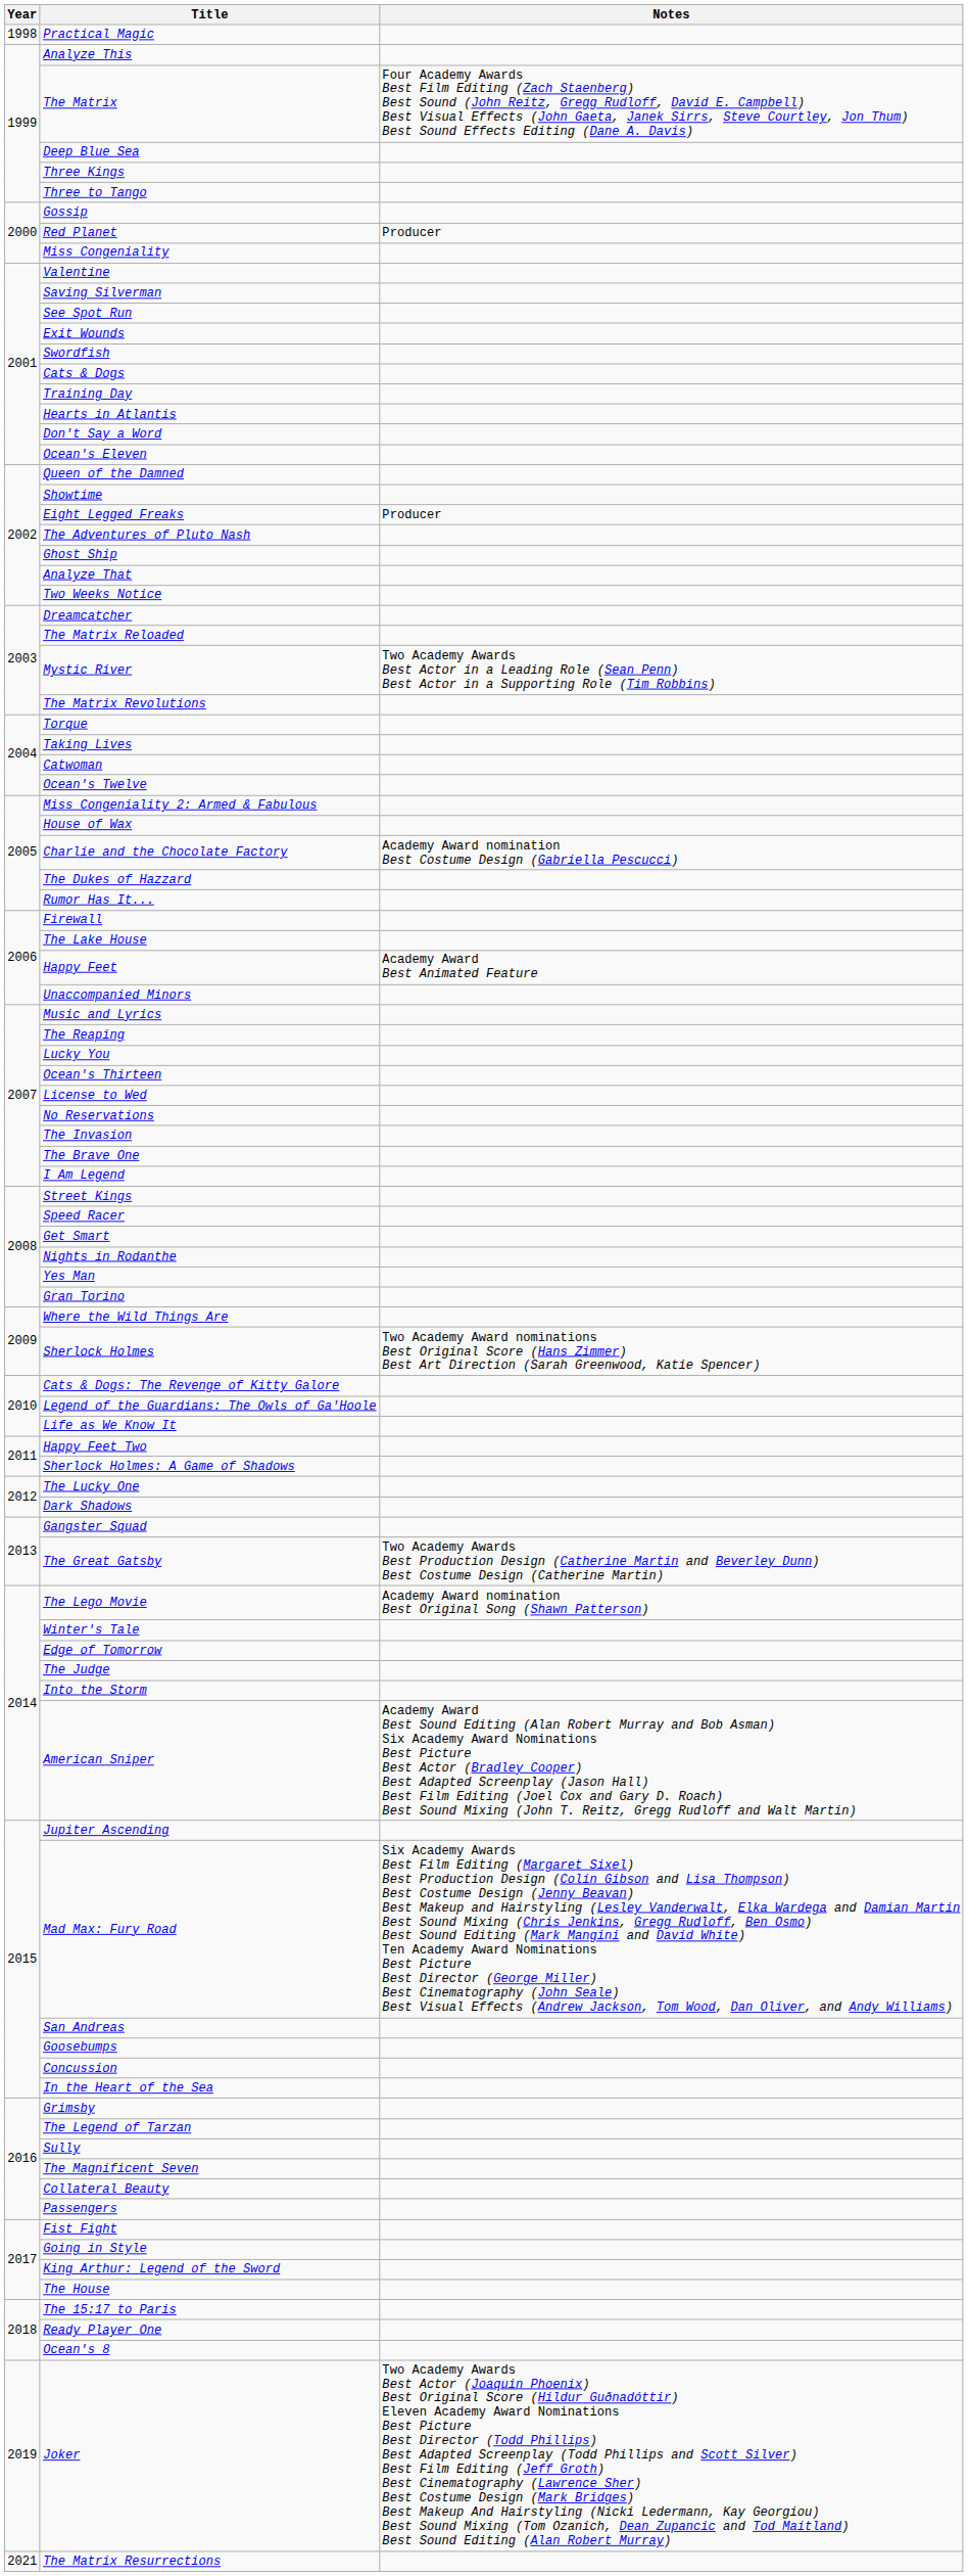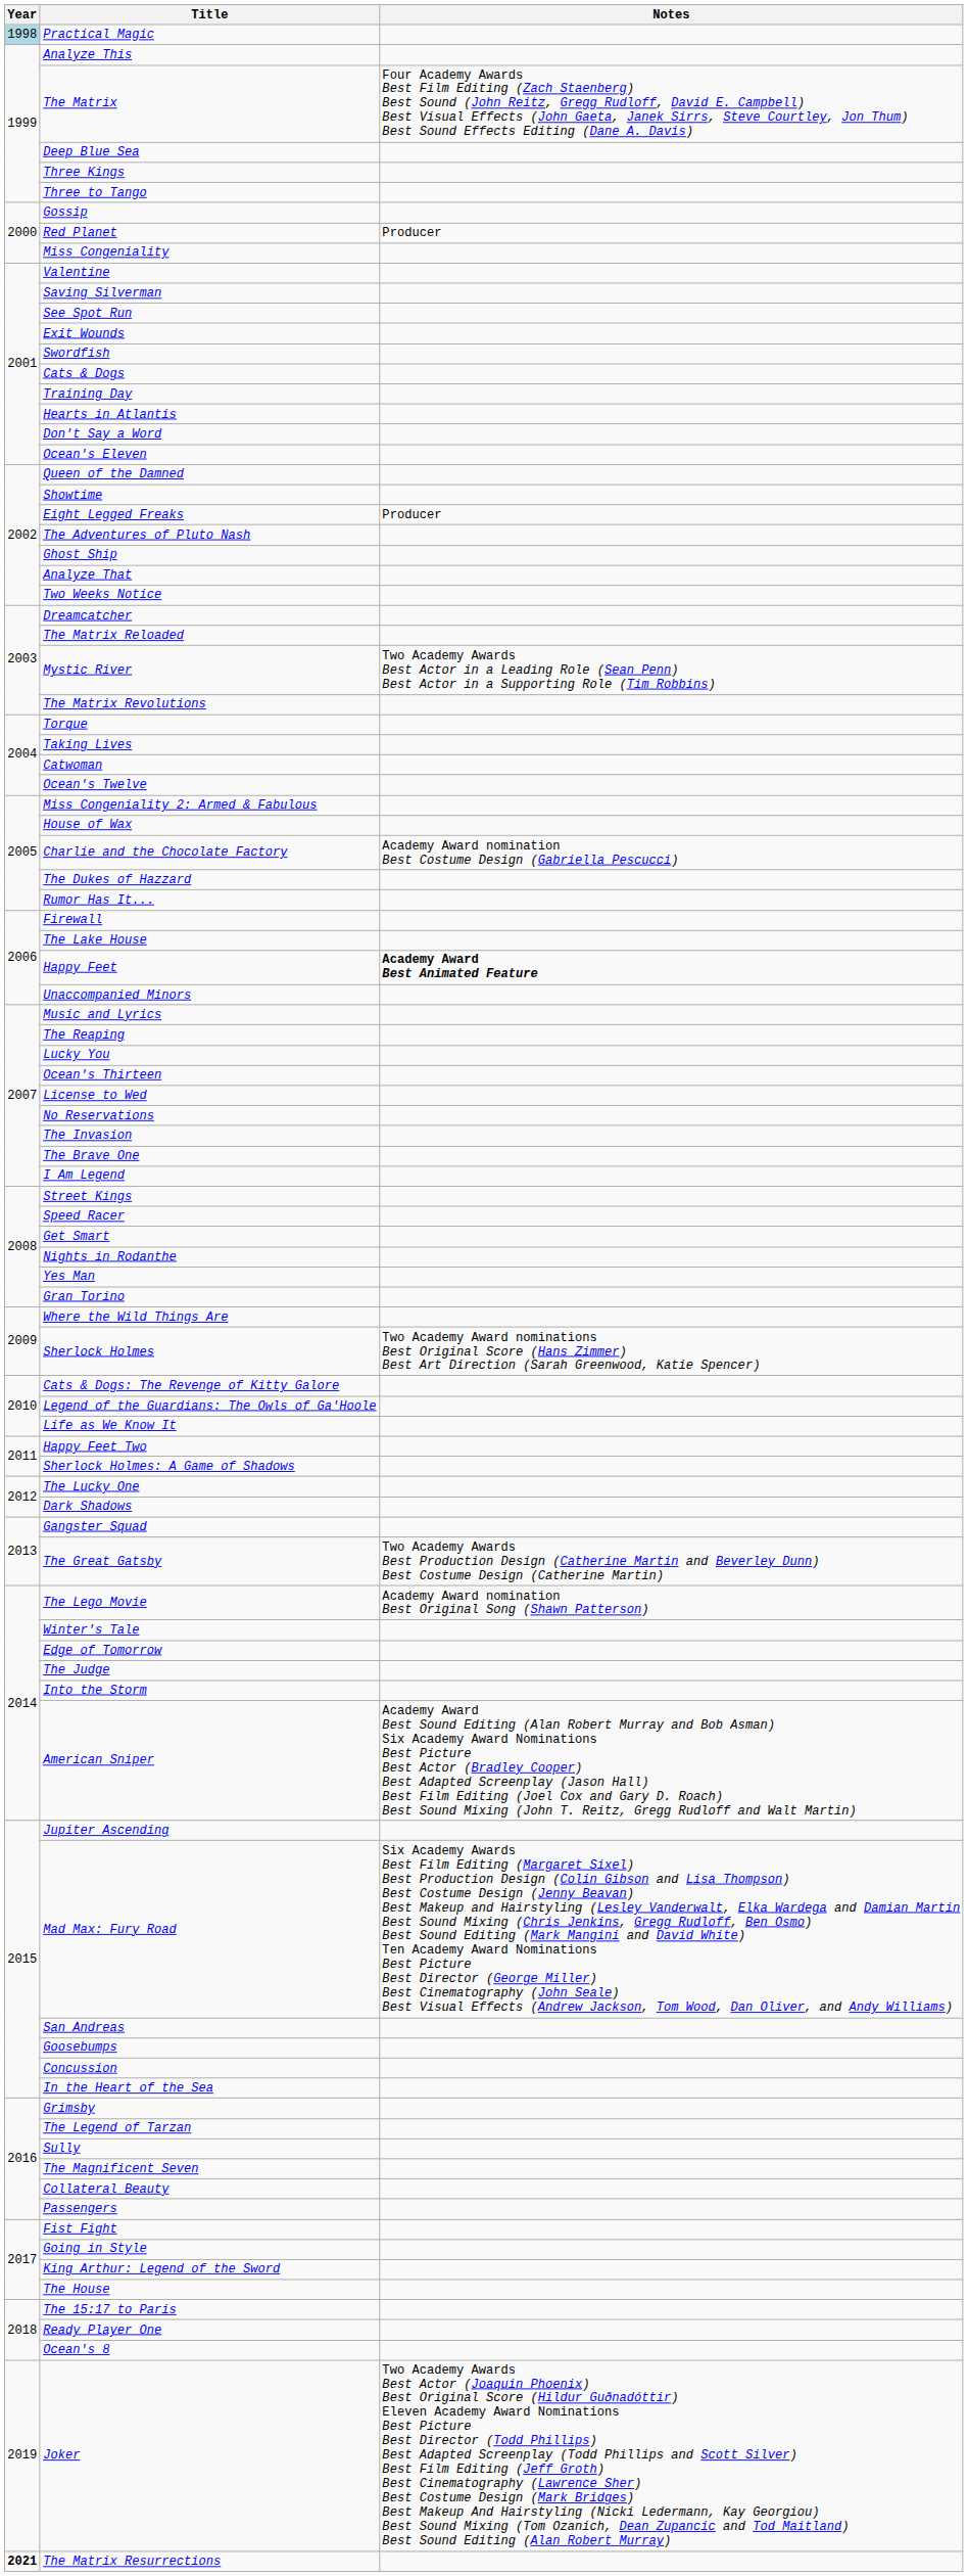 <table class="wikitable sortable">
 <tr>
 <th>Year</th>
 <th>Title</th>
 <th>Notes</th>
 </tr>
 <tr>
-<td>1998</td>
+<td style="background: lightblue;">1998</td>
 <td><em><a href='#'>Practical Magic</a></em></td>
 <td></td>
 </tr>
 <tr>
 <td rowspan="5">1999</td>
 <td><em><a href='#'>Analyze This</a></em></td>
 <td></td>
 </tr>
 <tr>
 <td><em><a href='#'>The Matrix</a></em></td>
 <td>Four Academy Awards<br><em>Best Film Editing (<a href='#'>Zach Staenberg</a>)<br>Best Sound (<a href='#'>John Reitz</a>, <a href='#'>Gregg Rudloff</a>, <a href='#'>David E. Campbell</a>)<br>Best Visual Effects (<a href='#'>John Gaeta</a>, <a href='#'>Janek Sirrs</a>, <a href='#'>Steve Courtley</a>, <a href='#'>Jon Thum</a>)<br> Best Sound Effects Editing  (<a href='#'>Dane A. Davis</a>)</em></td>
 </tr>
 <tr>
 <td><em><a href='#'>Deep Blue Sea</a></em></td>
 <td></td>
 </tr>
 <tr>
 <td><em><a href='#'>Three Kings</a></em></td>
 <td></td>
 </tr>
 <tr>
 <td><em><a href='#'>Three to Tango</a></em></td>
 <td></td>
 </tr>
 <tr>
 <td rowspan="3">2000</td>
 <td><em><a href='#'>Gossip</a></em></td>
 <td></td>
 </tr>
 <tr>
 <td><em><a href='#'>Red Planet</a></em></td>
 <td>Producer</td>
 </tr>
 <tr>
 <td><em><a href='#'>Miss Congeniality</a></em></td>
 <td></td>
 </tr>
 <tr>
 <td rowspan="10">2001</td>
 <td><em><a href='#'>Valentine</a></em></td>
 <td></td>
 </tr>
 <tr>
 <td><em><a href='#'>Saving Silverman</a></em></td>
 <td></td>
 </tr>
 <tr>
 <td><em><a href='#'>See Spot Run</a></em></td>
 <td></td>
 </tr>
 <tr>
 <td><em><a href='#'>Exit Wounds</a></em></td>
 <td></td>
 </tr>
 <tr>
 <td><em><a href='#'>Swordfish</a></em></td>
 <td></td>
 </tr>
 <tr>
 <td><em><a href='#'>Cats & Dogs</a></em></td>
 <td></td>
 </tr>
 <tr>
 <td><em><a href='#'>Training Day</a></em></td>
 <td></td>
 </tr>
 <tr>
 <td><em><a href='#'>Hearts in Atlantis</a></em></td>
 <td></td>
 </tr>
 <tr>
 <td><em><a href='#'>Don't Say a Word</a></em></td>
 <td></td>
 </tr>
 <tr>
 <td><em><a href='#'>Ocean's Eleven</a></em></td>
 <td></td>
 </tr>
 <tr>
 <td rowspan="7">2002</td>
 <td><em><a href='#'>Queen of the Damned</a></em></td>
 <td></td>
 </tr>
 <tr>
 <td><em><a href='#'>Showtime</a></em></td>
 <td></td>
 </tr>
 <tr>
 <td><em><a href='#'>Eight Legged Freaks</a></em></td>
 <td>Producer</td>
 </tr>
 <tr>
 <td><em><a href='#'>The Adventures of Pluto Nash</a></em></td>
 <td></td>
 </tr>
 <tr>
 <td><em><a href='#'>Ghost Ship</a></em></td>
 <td></td>
 </tr>
 <tr>
 <td><em><a href='#'>Analyze That</a></em></td>
 <td></td>
 </tr>
 <tr>
 <td><em><a href='#'>Two Weeks Notice</a></em></td>
 <td></td>
 </tr>
 <tr>
 <td rowspan="4">2003</td>
 <td><em><a href='#'>Dreamcatcher</a></em></td>
 <td></td>
 </tr>
 <tr>
 <td><em><a href='#'>The Matrix Reloaded</a></em></td>
 <td></td>
 </tr>
 <tr>
 <td><em><a href='#'>Mystic River</a></em></td>
 <td>Two Academy Awards<br><em>Best Actor in a Leading Role (<a href='#'>Sean Penn</a>)<br>Best Actor in a Supporting Role (<a href='#'>Tim Robbins</a>)</em></td>
 </tr>
 <tr>
 <td><em><a href='#'>The Matrix Revolutions</a></em></td>
 <td></td>
 </tr>
 <tr>
 <td rowspan="4">2004</td>
 <td><em><a href='#'>Torque</a></em></td>
 <td></td>
 </tr>
 <tr>
 <td><em><a href='#'>Taking Lives</a></em></td>
 <td></td>
 </tr>
 <tr>
 <td><em><a href='#'>Catwoman</a></em></td>
 <td></td>
 </tr>
 <tr>
 <td><em><a href='#'>Ocean's Twelve</a></em></td>
 <td></td>
 </tr>
 <tr>
 <td rowspan="5">2005</td>
 <td><em><a href='#'>Miss Congeniality 2: Armed & Fabulous</a></em></td>
 <td></td>
 </tr>
 <tr>
 <td><em><a href='#'>House of Wax</a></em></td>
 <td></td>
 </tr>
 <tr>
 <td><em><a href='#'>Charlie and the Chocolate Factory</a></em></td>
 <td>Academy Award nomination<br><em>Best Costume Design (<a href='#'>Gabriella Pescucci</a>)</em></td>
 </tr>
 <tr>
 <td><em><a href='#'>The Dukes of Hazzard</a></em></td>
 <td></td>
 </tr>
 <tr>
 <td><em><a href='#'>Rumor Has It...</a></em></td>
 <td></td>
 </tr>
 <tr>
 <td rowspan="4">2006</td>
 <td><em><a href='#'>Firewall</a></em></td>
 <td></td>
 </tr>
 <tr>
 <td><em><a href='#'>The Lake House</a></em></td>
 <td></td>
 </tr>
 <tr>
 <td><em><a href='#'>Happy Feet</a></em></td>
-<td>Academy Award<br> <em>Best Animated Feature</em></td>
+<td><strong>Academy Award<br> <em>Best Animated Feature</em></strong></td>
 </tr>
 <tr>
 <td><em><a href='#'>Unaccompanied Minors</a></em></td>
 <td></td>
 </tr>
 <tr>
 <td rowspan="9">2007</td>
 <td><em><a href='#'>Music and Lyrics</a></em></td>
 <td></td>
 </tr>
 <tr>
 <td><em><a href='#'>The Reaping</a></em></td>
 <td></td>
 </tr>
 <tr>
 <td><em><a href='#'>Lucky You</a></em></td>
 <td></td>
 </tr>
 <tr>
 <td><em><a href='#'>Ocean's Thirteen</a></em></td>
 <td></td>
 </tr>
 <tr>
 <td><em><a href='#'>License to Wed</a></em></td>
 <td></td>
 </tr>
 <tr>
 <td><em><a href='#'>No Reservations</a></em></td>
 <td></td>
 </tr>
 <tr>
 <td><em><a href='#'>The Invasion</a></em></td>
 <td></td>
 </tr>
 <tr>
 <td><em><a href='#'>The Brave One</a></em></td>
 <td></td>
 </tr>
 <tr>
 <td><em><a href='#'>I Am Legend</a></em></td>
 <td></td>
 </tr>
 <tr>
 <td rowspan="6">2008</td>
 <td><em><a href='#'>Street Kings</a></em></td>
 <td></td>
 </tr>
 <tr>
 <td><em><a href='#'>Speed Racer</a></em></td>
 <td></td>
 </tr>
 <tr>
 <td><em><a href='#'>Get Smart</a></em></td>
 <td></td>
 </tr>
 <tr>
 <td><em><a href='#'>Nights in Rodanthe</a></em></td>
 <td></td>
 </tr>
 <tr>
 <td><em><a href='#'>Yes Man</a></em></td>
 <td></td>
 </tr>
 <tr>
 <td><em><a href='#'>Gran Torino</a></em></td>
 <td></td>
 </tr>
 <tr>
 <td rowspan="2">2009</td>
 <td><em><a href='#'>Where the Wild Things Are</a></em></td>
 <td></td>
 </tr>
 <tr>
 <td><em><a href='#'>Sherlock Holmes</a></em></td>
 <td>Two Academy Award nominations<br><em>Best Original Score (<a href='#'>Hans Zimmer</a>)<br> Best Art Direction (Sarah Greenwood, Katie Spencer)</em></td>
 </tr>
 <tr>
 <td rowspan="3">2010</td>
 <td><em><a href='#'>Cats & Dogs: The Revenge of Kitty Galore</a></em></td>
 <td></td>
 </tr>
 <tr>
 <td><em><a href='#'>Legend of the Guardians: The Owls of Ga'Hoole</a></em></td>
 <td></td>
 </tr>
 <tr>
 <td><em><a href='#'>Life as We Know It</a></em></td>
 <td></td>
 </tr>
 <tr>
 <td rowspan="2">2011</td>
 <td><em><a href='#'>Happy Feet Two</a></em></td>
 <td></td>
 </tr>
 <tr>
 <td><em><a href='#'>Sherlock Holmes: A Game of Shadows</a></em></td>
 <td></td>
 </tr>
 <tr>
 <td rowspan="2">2012</td>
 <td><em><a href='#'>The Lucky One</a></em></td>
 <td></td>
 </tr>
 <tr>
 <td><em><a href='#'>Dark Shadows</a></em></td>
 <td></td>
 </tr>
 <tr>
 <td rowspan="2">2013</td>
 <td><em><a href='#'>Gangster Squad</a></em></td>
 <td></td>
 </tr>
 <tr>
 <td><em><a href='#'>The Great Gatsby</a></em></td>
 <td>Two Academy Awards<br><em>Best Production Design (<a href='#'>Catherine Martin</a> and <a href='#'>Beverley Dunn</a>)<br> Best Costume Design (Catherine Martin)</em></td>
 </tr>
 <tr>
 <td rowspan="6">2014</td>
 <td><em><a href='#'>The Lego Movie</a></em></td>
 <td>Academy Award nomination <br><em>Best Original Song (<a href='#'>Shawn Patterson</a>)</em></td>
 </tr>
 <tr>
 <td><em><a href='#'>Winter's Tale</a></em></td>
 <td></td>
 </tr>
 <tr>
 <td><em><a href='#'>Edge of Tomorrow</a></em></td>
 <td></td>
 </tr>
 <tr>
 <td><em><a href='#'>The Judge</a></em></td>
 <td></td>
 </tr>
 <tr>
 <td><em><a href='#'>Into the Storm</a></em></td>
 <td></td>
 </tr>
 <tr>
 <td><em><a href='#'>American Sniper</a></em></td>
 <td>Academy Award<br><em>Best Sound Editing (Alan Robert Murray and Bob Asman)</em><br>Six Academy Award Nominations<br><em>Best Picture<br>Best Actor (<a href='#'>Bradley Cooper</a>)<br>Best Adapted Screenplay (Jason Hall)<br>Best Film Editing (Joel Cox and Gary D. Roach)<br>Best Sound Mixing (John T. Reitz, Gregg Rudloff and Walt Martin)</em></td>
 </tr>
 <tr>
 <td rowspan="6">2015</td>
 <td><em><a href='#'>Jupiter Ascending</a></em></td>
 <td></td>
 </tr>
 <tr>
 <td><em><a href='#'>Mad Max: Fury Road</a></em></td>
 <td>Six Academy Awards<br><em>Best Film Editing (<a href='#'>Margaret Sixel</a>)<br>Best Production Design (<a href='#'>Colin Gibson</a> and <a href='#'>Lisa Thompson</a>)<br>Best Costume Design (<a href='#'>Jenny Beavan</a>)<br> Best Makeup and Hairstyling  (<a href='#'>Lesley Vanderwalt</a>, <a href='#'>Elka Wardega</a> and <a href='#'>Damian Martin</a><br>Best Sound Mixing (<a href='#'>Chris Jenkins</a>, <a href='#'>Gregg Rudloff</a>, <a href='#'>Ben Osmo</a>)<br>Best Sound Editing  (<a href='#'>Mark Mangini</a> and <a href='#'>David White</a>)</em><br>Ten Academy Award Nominations<br><em>Best Picture<br>Best Director (<a href='#'>George Miller</a>)<br>Best Cinematography (<a href='#'>John Seale</a>)<br>Best Visual Effects (<a href='#'>Andrew Jackson</a>, <a href='#'>Tom Wood</a>, <a href='#'>Dan Oliver</a>, and <a href='#'>Andy Williams</a>)</em></td>
 </tr>
 <tr>
 <td><em><a href='#'>San Andreas</a></em></td>
 <td></td>
 </tr>
 <tr>
 <td><em><a href='#'>Goosebumps</a></em></td>
 <td></td>
 </tr>
 <tr>
 <td><em><a href='#'>Concussion</a></em></td>
 <td></td>
 </tr>
 <tr>
 <td><em><a href='#'>In the Heart of the Sea</a></em></td>
 <td></td>
 </tr>
 <tr>
 <td rowspan="6">2016</td>
 <td><em><a href='#'>Grimsby</a></em></td>
 <td></td>
 </tr>
 <tr>
 <td><em><a href='#'>The Legend of Tarzan</a></em></td>
 <td></td>
 </tr>
 <tr>
 <td><em><a href='#'>Sully</a></em></td>
 <td></td>
 </tr>
 <tr>
 <td><em><a href='#'>The Magnificent Seven</a></em></td>
 <td></td>
 </tr>
 <tr>
 <td><em><a href='#'>Collateral Beauty</a></em></td>
 <td></td>
 </tr>
 <tr>
 <td><em><a href='#'>Passengers</a></em></td>
 <td></td>
 </tr>
 <tr>
 <td rowspan="4">2017</td>
 <td><em><a href='#'>Fist Fight</a></em></td>
 <td></td>
 </tr>
 <tr>
 <td><em><a href='#'>Going in Style</a></em></td>
 <td></td>
 </tr>
 <tr>
 <td><em><a href='#'>King Arthur: Legend of the Sword</a></em></td>
 <td></td>
 </tr>
 <tr>
 <td><em><a href='#'>The House</a></em></td>
 <td></td>
 </tr>
 <tr>
 <td rowspan="3">2018</td>
 <td><em><a href='#'>The 15:17 to Paris</a></em></td>
 <td></td>
 </tr>
 <tr>
 <td><em><a href='#'>Ready Player One</a></em></td>
 <td></td>
 </tr>
 <tr>
 <td><em><a href='#'>Ocean's 8</a></em></td>
 <td></td>
 </tr>
 <tr>
 <td>2019</td>
 <td><em><a href='#'>Joker</a></em></td>
 <td>Two Academy Awards<br><em>Best Actor (<a href='#'>Joaquin Phoenix</a>)<br>Best Original Score (<a href='#'>Hildur Guðnadóttir</a>)</em><br>Eleven Academy Award Nominations<br><em>Best Picture<br>Best Director (<a href='#'>Todd Phillips</a>)<br>Best Adapted Screenplay (Todd Phillips and <a href='#'>Scott Silver</a>)<br>Best Film Editing (<a href='#'>Jeff Groth</a>)<br>Best Cinematography (<a href='#'>Lawrence Sher</a>)<br>Best Costume Design (<a href='#'>Mark Bridges</a>)<br>Best Makeup And Hairstyling (Nicki Ledermann, Kay Georgiou)<br>Best Sound Mixing (Tom Ozanich, <a href='#'>Dean Zupancic</a> and <a href='#'>Tod Maitland</a>)<br>Best Sound Editing (<a href='#'>Alan Robert Murray</a>)</em></td>
 </tr>
 <tr>
-<td>2021</td>
+<td><strong>2021</strong></td>
 <td><em><a href='#'>The Matrix Resurrections</a></em></td>
 <td></td>
 </tr>
 </table>
